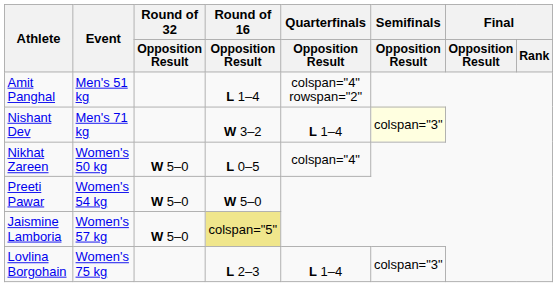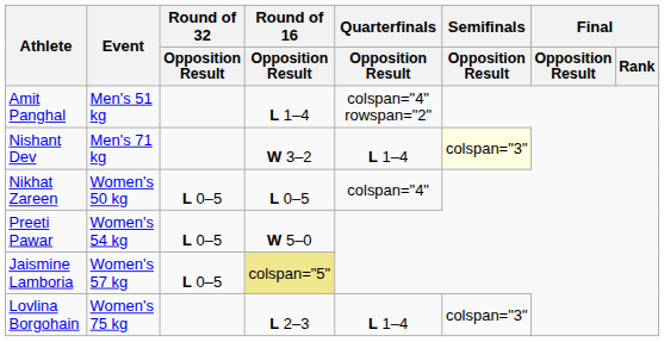 <table class="wikitable" style="font-size:90%">
 <tr>
 <th rowspan="2">Athlete</th>
 <th rowspan="2">Event</th>
 <th>Round of 32</th>
 <th>Round of 16</th>
 <th>Quarterfinals</th>
 <th>Semifinals</th>
 <th colspan=2>Final</th>
 </tr>
 <tr style="font-size:95%">
 <th>Opposition<br>Result</th>
 <th>Opposition<br>Result</th>
 <th>Opposition<br>Result</th>
 <th>Opposition<br>Result</th>
 <th>Opposition<br>Result</th>
 <th>Rank</th>
 </tr>
 <tr align=center>
 <td align=left><a href='#'>Amit Panghal</a></td>
 <td align=left><a href='#'>Men's 51 kg</a></td>
 <td></td>
 <td><br><strong>L</strong> 1–4</td>
 <td>colspan="4" rowspan="2"</td>
 </tr>
 <tr align=center>
 <td align=left><a href='#'>Nishant Dev</a></td>
 <td align=left><a href='#'>Men's 71 kg</a></td>
 <td></td>
 <td><br><strong>W</strong> 3–2</td>
 <td><br><strong>L</strong> 1–4</td>
 <td style="background: lightyellow;">colspan="3" </td>
 </tr>
 <tr align=center>
 <td align=left><a href='#'>Nikhat Zareen</a></td>
 <td align=left><a href='#'>Women's 50 kg</a></td>
-<td><br><strong>W</strong> 5–0</td>
+<td><br><strong>L</strong> 0–5</td>
 <td><br><strong>L</strong> 0–5</td>
 <td>colspan="4" </td>
 </tr>
 <tr align=center>
 <td align=left><a href='#'>Preeti Pawar</a></td>
 <td align=left><a href='#'>Women's 54 kg</a></td>
-<td><br><strong>W</strong> 5–0</td>
+<td><br><strong>L</strong> 0–5</td>
 <td><br><strong>W</strong> 5–0</td>
 </tr>
 <tr align=center>
 <td align=left><a href='#'>Jaismine Lamboria</a></td>
 <td align=left><a href='#'>Women's 57 kg</a></td>
-<td><br><strong>W</strong> 5–0</td>
+<td><br><strong>L</strong> 0–5</td>
 <td style="background: khaki;">colspan="5" </td>
 </tr>
 <tr align=center>
 <td align=left><a href='#'>Lovlina Borgohain</a></td>
 <td align=left><a href='#'>Women's 75 kg</a></td>
 <td></td>
 <td><br><strong>L</strong> 2–3</td>
 <td><br><strong>L</strong> 1–4</td>
 <td>colspan="3" </td>
 </tr>
 </table>
